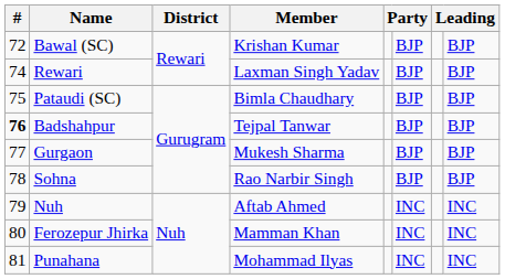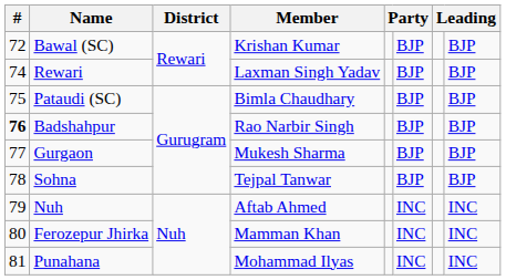 <table class="wikitable">
 <tr>
 <th>#</th>
 <th>Name</th>
 <th>District</th>
 <th>Member</th>
 <th colspan="2">Party</th>
 <th colspan="2">Leading<br></th>
 </tr>
 <tr>
 <td>72</td>
 <td><a href='#'>Bawal</a> (SC)</td>
 <td rowspan="2"><a href='#'>Rewari</a></td>
 <td><a href='#'>Krishan Kumar</a></td>
 <td style="background-color:"></td>
 <td><a href='#'>BJP</a></td>
 <td style="background-color:"></td>
 <td><a href='#'>BJP</a></td>
 </tr>
 <tr>
 <td>74</td>
 <td><a href='#'>Rewari</a></td>
 <td><a href='#'>Laxman Singh Yadav</a></td>
 <td style="background-color:"></td>
 <td><a href='#'>BJP</a></td>
 <td style="background-color:"></td>
 <td><a href='#'>BJP</a></td>
 </tr>
 <tr>
 <td>75</td>
 <td><a href='#'>Pataudi</a> (SC)</td>
 <td rowspan="4"><a href='#'>Gurugram</a></td>
 <td><a href='#'>Bimla Chaudhary</a></td>
 <td style="background-color:"></td>
 <td><a href='#'>BJP</a></td>
 <td style="background-color:"></td>
 <td><a href='#'>BJP</a></td>
 </tr>
 <tr>
 <td><strong>76</strong></td>
 <td><a href='#'>Badshahpur</a></td>
-<td><a href='#'>Tejpal Tanwar</a></td>
+<td><a href='#'>Rao Narbir Singh</a></td>
 <td style="background-color:"></td>
 <td><a href='#'>BJP</a></td>
 <td style="background-color:"></td>
 <td><a href='#'>BJP</a></td>
 </tr>
 <tr>
 <td>77</td>
 <td><a href='#'>Gurgaon</a></td>
 <td><a href='#'>Mukesh Sharma</a></td>
 <td style="background-color:"></td>
 <td><a href='#'>BJP</a></td>
 <td style="background-color:"></td>
 <td><a href='#'>BJP</a></td>
 </tr>
 <tr>
 <td>78</td>
 <td><a href='#'>Sohna</a></td>
-<td><a href='#'>Rao Narbir Singh</a></td>
+<td><a href='#'>Tejpal Tanwar</a></td>
 <td style="background-color:"></td>
 <td><a href='#'>BJP</a></td>
 <td style="background-color:"></td>
 <td><a href='#'>BJP</a></td>
 </tr>
 <tr>
 <td>79</td>
 <td><a href='#'>Nuh</a></td>
 <td rowspan="3"><a href='#'>Nuh</a></td>
 <td><a href='#'>Aftab Ahmed</a></td>
 <td style="background-color:"></td>
 <td><a href='#'>INC</a></td>
 <td style="background-color:"></td>
 <td><a href='#'>INC</a></td>
 </tr>
 <tr>
 <td>80</td>
 <td><a href='#'>Ferozepur Jhirka</a></td>
 <td><a href='#'>Mamman Khan</a></td>
 <td style="background-color:"></td>
 <td><a href='#'>INC</a></td>
 <td style="background-color:"></td>
 <td><a href='#'>INC</a></td>
 </tr>
 <tr>
 <td>81</td>
 <td><a href='#'>Punahana</a></td>
 <td><a href='#'>Mohammad Ilyas</a></td>
 <td style="background-color:"></td>
 <td><a href='#'>INC</a></td>
 <td style="background-color:"></td>
 <td><a href='#'>INC</a></td>
 </tr>
 </table>
